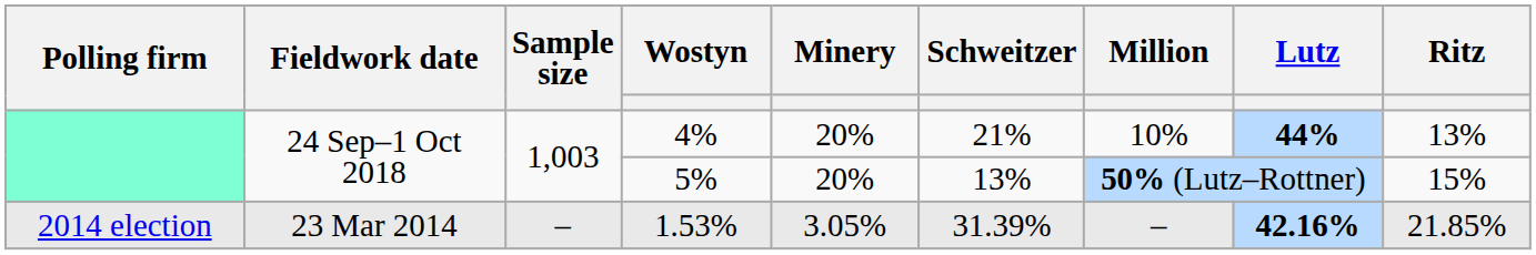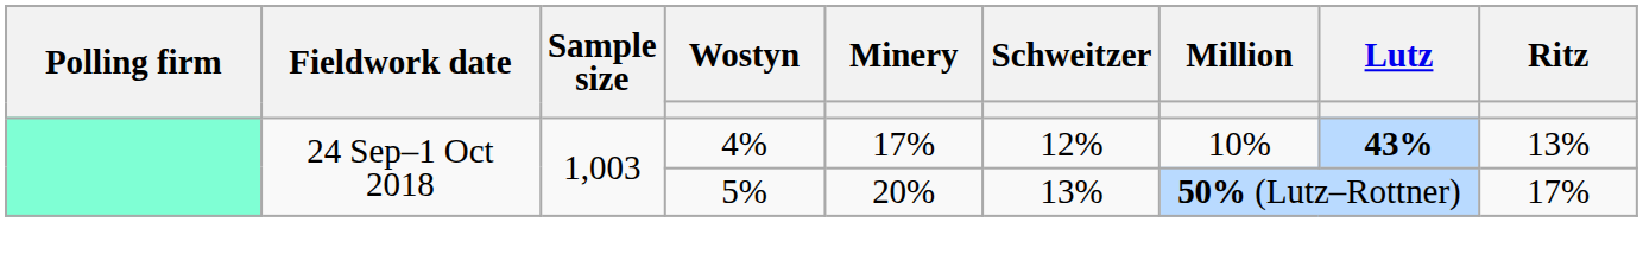 <table class="wikitable sortable" style="text-align:center;font-size:90%;line-height:14px;">
 <tr style="height:40px;">
 <th style="width:100px;" rowspan="2">Polling firm</th>
 <th style="width:110px;" rowspan="2">Fieldwork date</th>
 <th style="width:35px;" rowspan="2">Sample<br>size</th>
 <th class="unsortable" style="width:60px;">Wostyn<br></th>
 <th class="unsortable" style="width:60px;">Minery<br></th>
 <th class="unsortable" style="width:60px;">Schweitzer<br></th>
 <th class="unsortable" style="width:60px;">Million<br></th>
 <th class="unsortable" style="width:60px;"><a href='#'>Lutz</a><br></th>
 <th class="unsortable" style="width:60px;">Ritz<br></th>
 </tr>
 <tr>
 <th style="background:"></th>
 <th style="background:"></th>
 <th style="background:"></th>
 <th style="background:"></th>
 <th style="background:"></th>
 <th style="background:"></th>
 </tr>
 <tr>
 <td rowspan="2" style="background:aquamarine;"></td>
 <td rowspan="2" data-sort-value="2018-10-01">24 Sep–1 Oct 2018</td>
 <td rowspan="2">1,003</td>
 <td>4%</td>
-<td>20%</td>
-<td>21%</td>
+<td>17%</td>
+<td>12%</td>
 <td>10%</td>
-<td style="background:#B9DAFF;"><strong>44%</strong></td>
+<td style="background:#B9DAFF;"><strong>43%</strong></td>
 <td>13%</td>
 </tr>
 <tr>
 <td>5%</td>
 <td>20%</td>
 <td>13%</td>
 <td style="background:#B9DAFF;" colspan="2"><strong>50%</strong> (Lutz–Rottner)</td>
-<td>15%</td>
-</tr>
-<tr style="background:#E9E9E9;">
-<td><a href='#'>2014 election</a></td>
-<td data-sort-value="2014-03-23">23 Mar 2014</td>
-<td>–</td>
-<td>1.53%</td>
-<td>3.05%</td>
-<td>31.39%</td>
-<td>–</td>
-<td style="background:#B9DAFF;"><strong>42.16%</strong></td>
-<td>21.85%</td>
+<td>17%</td>
 </tr>
 </table>
